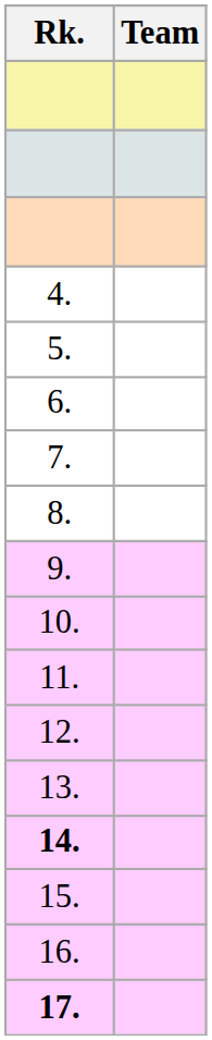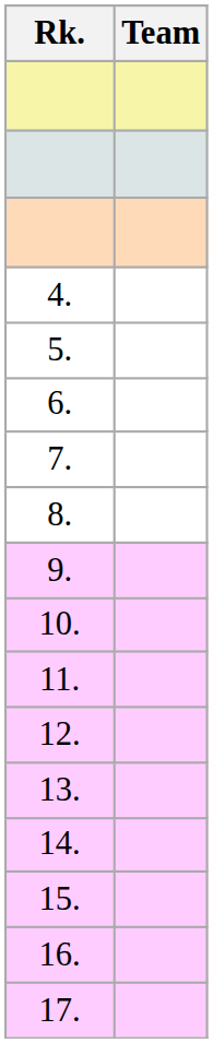 <table class="wikitable" style="border:1px solid #AAAAAA;font-size:90%">
 <tr bgcolor="#E4E4E4">
 <th style="border-bottom:1px solid #AAAAAA" width=40>Rk.</th>
 <th style="border-bottom:1px solid #AAAAAA">Team</th>
 </tr>
 <tr bgcolor="#F7F6A8">
 <td align="center" style="height:23px"></td>
 <td></td>
 </tr>
 <tr bgcolor="#DCE5E5">
 <td align="center" style="height:23px"></td>
 <td></td>
 </tr>
 <tr bgcolor="#FFDAB9">
 <td align="center" style="height:23px"></td>
 <td></td>
 </tr>
 <tr style="background:#ffffff;">
 <td align="center">4.</td>
 <td></td>
 </tr>
 <tr style="background:#ffffff;">
 <td align="center">5.</td>
 <td></td>
 </tr>
 <tr style="background:#ffffff;">
 <td align="center">6.</td>
 <td></td>
 </tr>
 <tr style="background:#ffffff;">
 <td align="center">7.</td>
 <td></td>
 </tr>
 <tr style="background:#ffffff;">
 <td align="center">8.</td>
 <td></td>
 </tr>
 <tr style="background:#ffccff;">
 <td align="center">9.</td>
 <td></td>
 </tr>
 <tr style="background:#ffccff;">
 <td align="center">10.</td>
 <td></td>
 </tr>
 <tr style="background:#ffccff;">
 <td align="center">11.</td>
 <td></td>
 </tr>
 <tr style="background:#ffccff;">
 <td align="center">12.</td>
 <td></td>
 </tr>
 <tr style="background:#ffccff;">
 <td align="center">13.</td>
 <td></td>
 </tr>
 <tr style="background:#ffccff;">
-<td align="center"><strong>14.</strong></td>
+<td align="center">14.</td>
 <td></td>
 </tr>
 <tr style="background:#ffccff;">
 <td align="center">15.</td>
 <td></td>
 </tr>
 <tr style="background:#ffccff;">
 <td align="center">16.</td>
 <td></td>
 </tr>
 <tr style="background:#ffccff;">
-<td align="center"><strong>17.</strong></td>
+<td align="center">17.</td>
 <td></td>
 </tr>
 </table>
